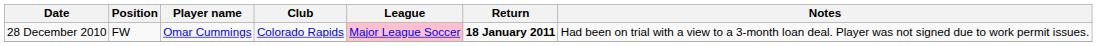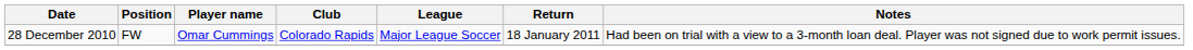 <table class="wikitable">
 <tr>
 <th>Date</th>
 <th>Position</th>
 <th>Player name</th>
 <th>Club</th>
 <th>League</th>
 <th>Return</th>
 <th>Notes</th>
 </tr>
 <tr>
 <td>28 December 2010</td>
 <td>FW</td>
 <td> <a href='#'>Omar Cummings</a></td>
 <td> <a href='#'>Colorado Rapids</a></td>
-<td style="background: pink;"> <a href='#'>Major League Soccer</a></td>
-<td><strong>18 January 2011</strong></td>
+<td> <a href='#'>Major League Soccer</a></td>
+<td>18 January 2011</td>
 <td>Had been on trial with a view to a 3-month loan deal. Player was not signed due to work permit issues.</td>
 </tr>
 <tr>
 </tr>
 </table>
